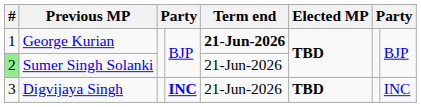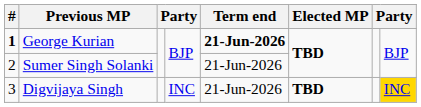 <table class="wikitable sortable">
 <tr>
 <th>#</th>
 <th>Previous MP</th>
 <th colspan="2">Party</th>
 <th>Term end</th>
 <th>Elected MP</th>
 <th colspan="2">Party</th>
 </tr>
 <tr>
-<td>1</td>
+<td><strong>1</strong></td>
 <td><a href='#'>George Kurian</a></td>
 <td rowspan=2 width="1px"></td>
 <td rowspan="2"><a href='#'>BJP</a></td>
 <td><strong>21-Jun-2026</strong></td>
 <td rowspan=2><strong>TBD</strong></td>
 <td rowspan=2 width="1px"></td>
 <td rowspan="2"><a href='#'>BJP</a></td>
 </tr>
 <tr>
-<td style="background: lightgreen;">2</td>
+<td>2</td>
 <td><a href='#'>Sumer Singh Solanki</a></td>
 <td>21-Jun-2026</td>
 </tr>
 <tr>
 <td>3</td>
 <td><a href='#'>Digvijaya Singh</a></td>
 <td></td>
-<td><strong><a href='#'>INC</a></strong></td>
+<td><a href='#'>INC</a></td>
 <td>21-Jun-2026</td>
 <td><strong>TBD</strong></td>
 <td width="1px"></td>
-<td><a href='#'>INC</a></td>
+<td style="background: gold;"><a href='#'>INC</a></td>
 </tr>
 </table>
